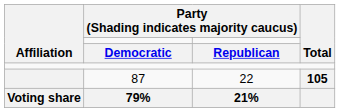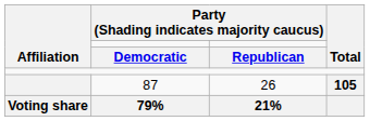 <table class=wikitable style="text-align:center">
 <tr style="vertical-align:bottom;">
 <th rowspan=3>Affiliation</th>
 <th colspan=2>Party <div>(Shading indicates majority caucus)</div></th>
 <th rowspan=3>Total</th>
 </tr>
 <tr style="height:5px">
 <td style="background-color:"></td>
 <td style="background-color:"></td>
 </tr>
 <tr>
 <th><a href='#'>Democratic</a></th>
 <th><a href='#'>Republican</a></th>
 </tr>
 <tr>
 <td colspan=5></td>
 </tr>
 <tr>
 <th nowrap style="font-size:80%"></th>
 <td>87</td>
-<td>22</td>
+<td>26</td>
 <th>105</th>
 </tr>
 <tr>
 <th>Voting share</th>
 <th>79%</th>
 <th>21%</th>
 <th colspan=2></th>
 </tr>
 </table>
